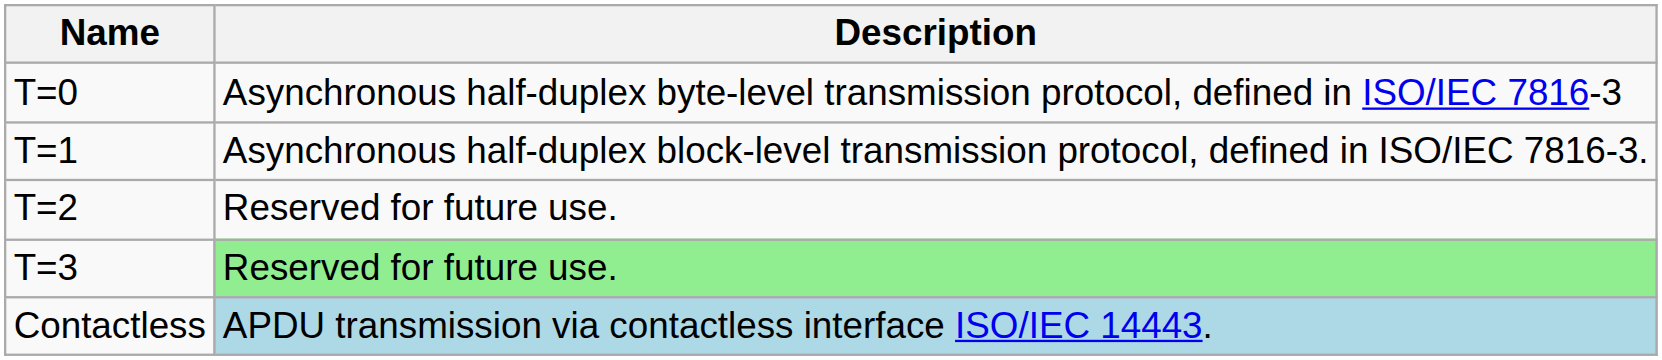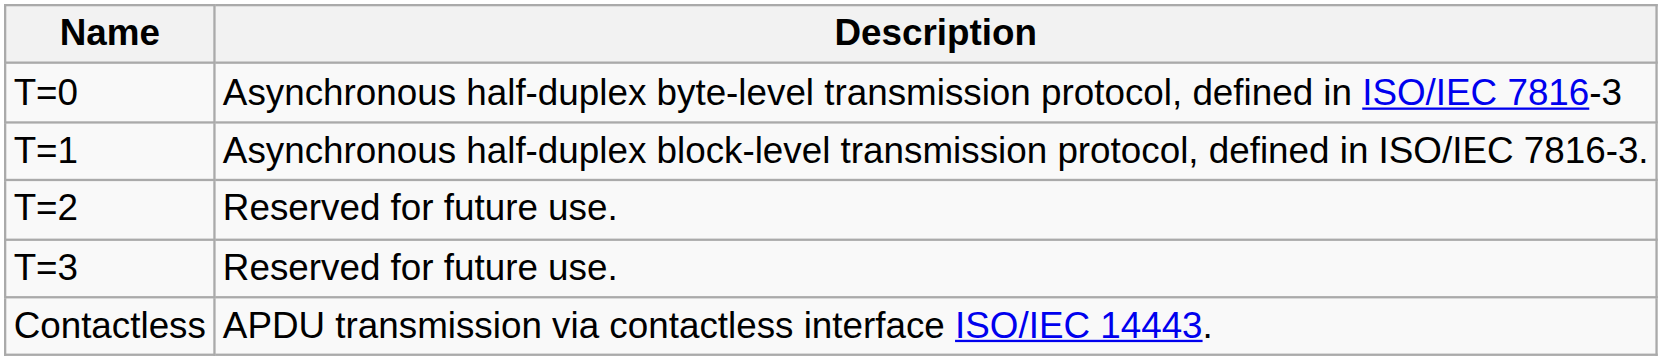 <table class="wikitable">
 <tr>
 <th>Name</th>
 <th>Description</th>
 </tr>
 <tr>
 <td>T=0</td>
 <td>Asynchronous half-duplex byte-level transmission protocol, defined in <a href='#'>ISO/IEC 7816</a>-3</td>
 </tr>
 <tr>
 <td>T=1</td>
 <td>Asynchronous half-duplex block-level transmission protocol, defined in ISO/IEC 7816-3.</td>
 </tr>
 <tr>
 <td>T=2</td>
 <td>Reserved for future use.</td>
 </tr>
 <tr>
 <td>T=3</td>
-<td style="background: lightgreen;">Reserved for future use.</td>
+<td>Reserved for future use.</td>
 </tr>
 <tr>
 <td>Contactless</td>
-<td style="background: lightblue;">APDU transmission via contactless interface <a href='#'>ISO/IEC 14443</a>.</td>
+<td>APDU transmission via contactless interface <a href='#'>ISO/IEC 14443</a>.</td>
 </tr>
 </table>
